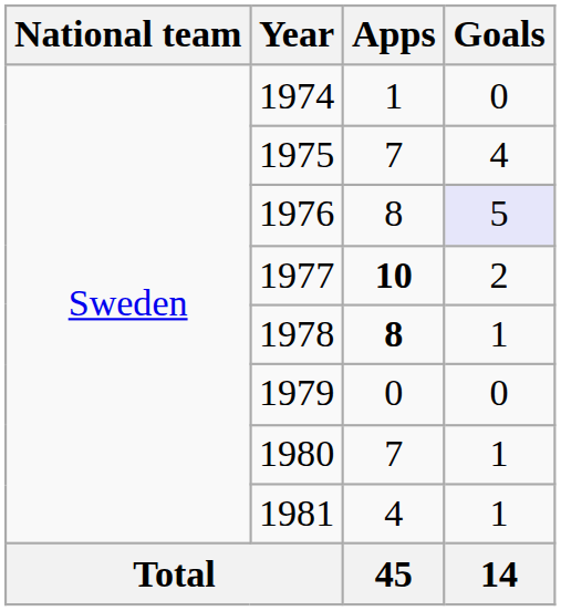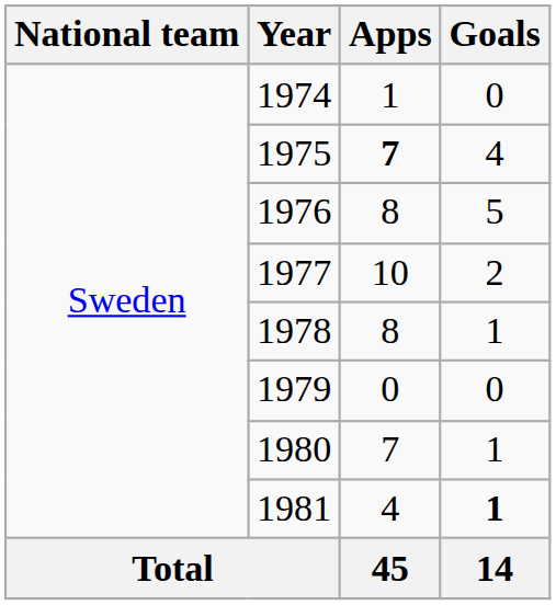 <table class="wikitable" style="text-align:center">
 <tr>
 <th>National team</th>
 <th>Year</th>
 <th>Apps</th>
 <th>Goals</th>
 </tr>
 <tr>
 <td rowspan="8"><a href='#'>Sweden</a></td>
 <td>1974</td>
 <td>1</td>
 <td>0</td>
 </tr>
 <tr>
 <td>1975</td>
-<td>7</td>
+<td><strong>7</strong></td>
 <td>4</td>
 </tr>
 <tr>
 <td>1976</td>
 <td>8</td>
-<td style="background: lavender;">5</td>
+<td>5</td>
 </tr>
 <tr>
 <td>1977</td>
-<td><strong>10</strong></td>
+<td>10</td>
 <td>2</td>
 </tr>
 <tr>
 <td>1978</td>
-<td><strong>8</strong></td>
+<td>8</td>
 <td>1</td>
 </tr>
 <tr>
 <td>1979</td>
 <td>0</td>
 <td>0</td>
 </tr>
 <tr>
 <td>1980</td>
 <td>7</td>
 <td>1</td>
 </tr>
 <tr>
 <td>1981</td>
 <td>4</td>
-<td>1</td>
+<td><strong>1</strong></td>
 </tr>
 <tr>
 <th colspan="2">Total</th>
 <th>45</th>
 <th>14</th>
 </tr>
 </table>
